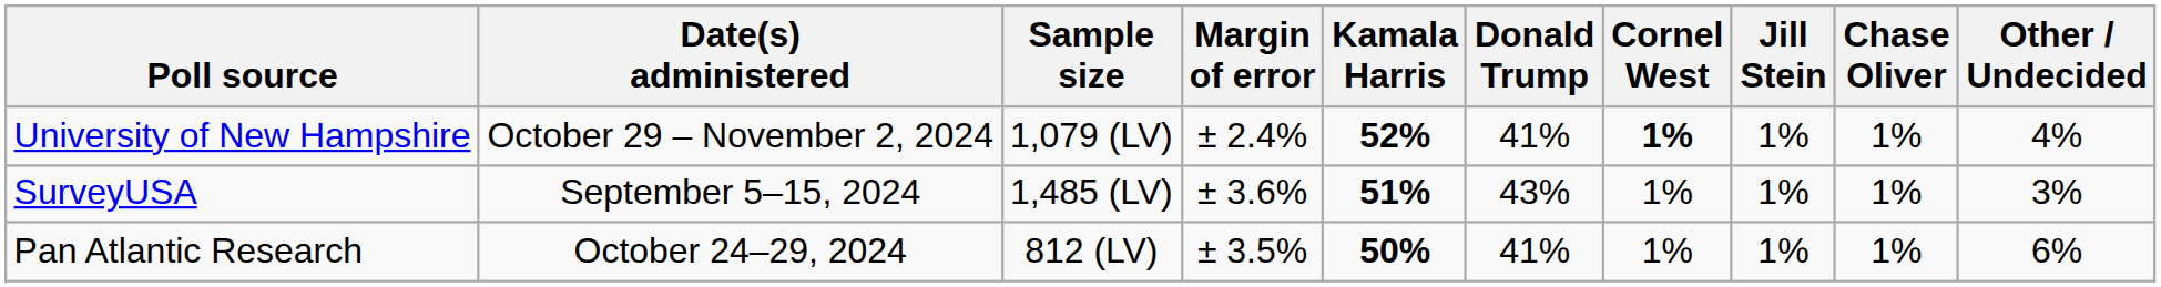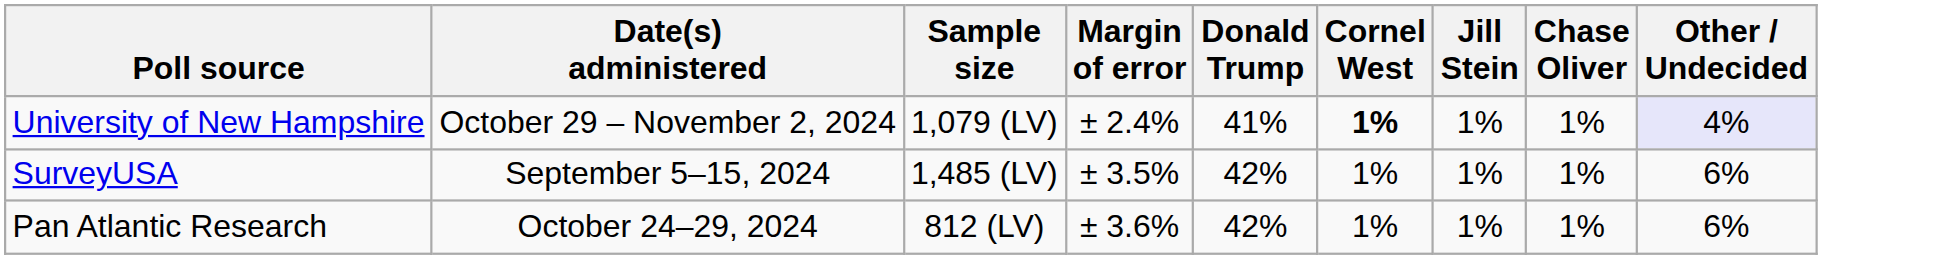 <table class="wikitable sortable mw-datatable" style="font-size:90%;text-align:center;line-height:17px">
 <tr style="vertical-align:bottom">
 <th>Poll source</th>
 <th>Date(s)<br>administered</th>
 <th>Sample<br>size</th>
 <th>Margin<br>of error</th>
-<th class="unsortable">Kamala<br>Harris<br></th>
 <th class="unsortable">Donald<br>Trump<br></th>
 <th class="unsortable">Cornel<br>West<br></th>
 <th class="unsortable">Jill<br>Stein<br></th>
 <th class="unsortable">Chase<br>Oliver<br></th>
 <th class="unsortable">Other /<br>Undecided</th>
 </tr>
 <tr>
 <td style="text-align:left;"><a href='#'>University of New Hampshire</a></td>
 <td data-sort-value="2024-11-02">October 29 – November 2, 2024</td>
 <td>1,079 (LV)</td>
 <td>± 2.4%</td>
-<td style="color:black;background-color:"><strong>52%</strong></td>
 <td>41%</td>
 <td><strong>1%</strong></td>
 <td>1%</td>
 <td>1%</td>
-<td>4%</td>
+<td style="background: lavender;">4%</td>
 </tr>
 <tr>
 <td style="text-align:left;"><a href='#'>SurveyUSA</a></td>
 <td data-sort-value="2024-09-15">September 5–15, 2024</td>
 <td>1,485 (LV)</td>
-<td>± 3.6%</td>
-<td style="color:black;background-color:"><strong>51%</strong></td>
-<td>43%</td>
+<td>± 3.5%</td>
+<td>42%</td>
 <td>1%</td>
 <td>1%</td>
 <td>1%</td>
-<td>3%</td>
+<td>6%</td>
 </tr>
 <tr>
 <td style="text-align:left;">Pan Atlantic Research</td>
 <td data-sort-value="2024-10-29">October 24–29, 2024</td>
 <td>812 (LV)</td>
-<td>± 3.5%</td>
-<td style="color:black;background-color:"><strong>50%</strong></td>
-<td>41%</td>
+<td>± 3.6%</td>
+<td>42%</td>
 <td>1%</td>
 <td>1%</td>
 <td>1%</td>
 <td>6%</td>
 </tr>
 </table>
